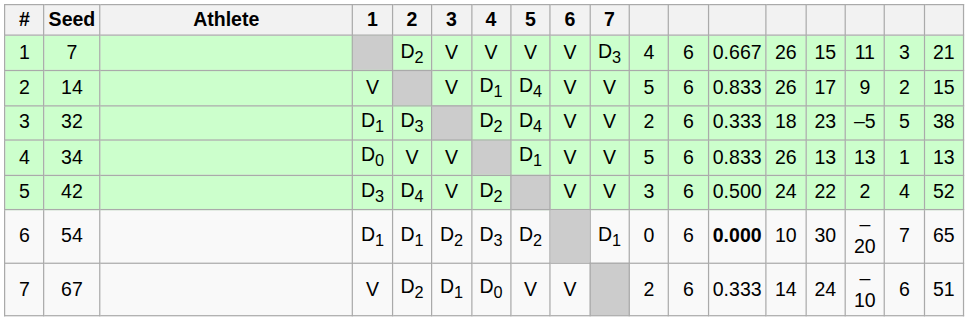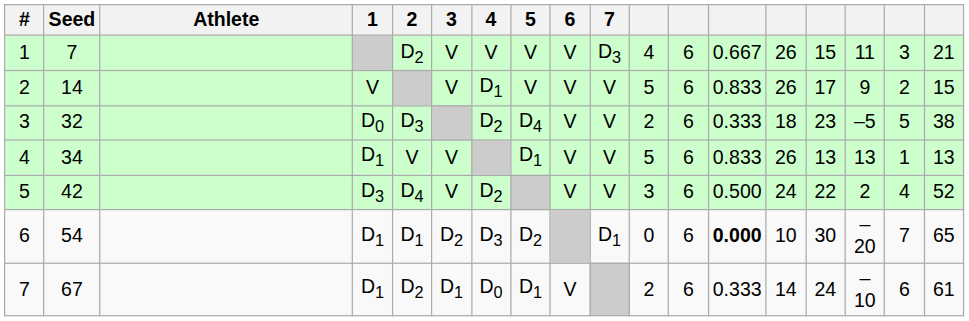 <table class="wikitable" style="text-align:center">
 <tr>
 <th width="25">#</th>
 <th width="25">Seed</th>
 <th width="200">Athlete</th>
 <th width="25">1</th>
 <th width="25">2</th>
 <th width="25">3</th>
 <th width="25">4</th>
 <th width="25">5</th>
 <th width="25">6</th>
 <th width="25">7</th>
 <th width="25"></th>
 <th width="25"></th>
 <th width="40"></th>
 <th width="25"></th>
 <th width="25"></th>
 <th width="25"></th>
 <th width="25"></th>
 <th width="25"></th>
 </tr>
 <tr bgcolor="#ccffcc">
 <td>1</td>
 <td>7</td>
 <td align=left></td>
 <td bgcolor="#cccccc"></td>
 <td>D<sub>2</sub></td>
 <td>V</td>
 <td>V</td>
 <td>V</td>
 <td>V</td>
 <td>D<sub>3</sub></td>
 <td>4</td>
 <td>6</td>
 <td>0.667</td>
 <td>26</td>
 <td>15</td>
 <td>11</td>
 <td>3</td>
 <td>21</td>
 </tr>
 <tr bgcolor="#ccffcc">
 <td>2</td>
 <td>14</td>
 <td align=left></td>
 <td>V</td>
 <td bgcolor="#cccccc"></td>
 <td>V</td>
 <td>D<sub>1</sub></td>
-<td>D<sub>4</sub></td>
+<td>V</td>
 <td>V</td>
 <td>V</td>
 <td>5</td>
 <td>6</td>
 <td>0.833</td>
 <td>26</td>
 <td>17</td>
 <td>9</td>
 <td>2</td>
 <td>15</td>
 </tr>
 <tr bgcolor="#ccffcc">
 <td>3</td>
 <td>32</td>
 <td align=left></td>
-<td>D<sub>1</sub></td>
+<td>D<sub>0</sub></td>
 <td>D<sub>3</sub></td>
 <td bgcolor="#cccccc"></td>
 <td>D<sub>2</sub></td>
 <td>D<sub>4</sub></td>
 <td>V</td>
 <td>V</td>
 <td>2</td>
 <td>6</td>
 <td>0.333</td>
 <td>18</td>
 <td>23</td>
 <td>–5</td>
 <td>5</td>
 <td>38</td>
 </tr>
 <tr bgcolor="#ccffcc">
 <td>4</td>
 <td>34</td>
 <td align=left></td>
-<td>D<sub>0</sub></td>
+<td>D<sub>1</sub></td>
 <td>V</td>
 <td>V</td>
 <td bgcolor="#cccccc"></td>
 <td>D<sub>1</sub></td>
 <td>V</td>
 <td>V</td>
 <td>5</td>
 <td>6</td>
 <td>0.833</td>
 <td>26</td>
 <td>13</td>
 <td>13</td>
 <td>1</td>
 <td>13</td>
 </tr>
 <tr bgcolor="#ccffcc">
 <td>5</td>
 <td>42</td>
 <td align=left></td>
 <td>D<sub>3</sub></td>
 <td>D<sub>4</sub></td>
 <td>V</td>
 <td>D<sub>2</sub></td>
 <td bgcolor="#cccccc"></td>
 <td>V</td>
 <td>V</td>
 <td>3</td>
 <td>6</td>
 <td>0.500</td>
 <td>24</td>
 <td>22</td>
 <td>2</td>
 <td>4</td>
 <td>52</td>
 </tr>
 <tr>
 <td>6</td>
 <td>54</td>
 <td align=left></td>
 <td>D<sub>1</sub></td>
 <td>D<sub>1</sub></td>
 <td>D<sub>2</sub></td>
 <td>D<sub>3</sub></td>
 <td>D<sub>2</sub></td>
 <td bgcolor="#cccccc"></td>
 <td>D<sub>1</sub></td>
 <td>0</td>
 <td>6</td>
 <td><strong>0.000</strong></td>
 <td>10</td>
 <td>30</td>
 <td>–20</td>
 <td>7</td>
 <td>65</td>
 </tr>
 <tr>
 <td>7</td>
 <td>67</td>
 <td align=left></td>
-<td>V</td>
+<td>D<sub>1</sub></td>
 <td>D<sub>2</sub></td>
 <td>D<sub>1</sub></td>
 <td>D<sub>0</sub></td>
-<td>V</td>
+<td>D<sub>1</sub></td>
 <td>V</td>
 <td bgcolor="#cccccc"></td>
 <td>2</td>
 <td>6</td>
 <td>0.333</td>
 <td>14</td>
 <td>24</td>
 <td>–10</td>
 <td>6</td>
-<td>51</td>
+<td>61</td>
 </tr>
 </table>
